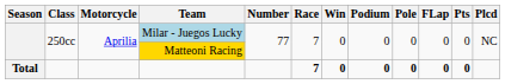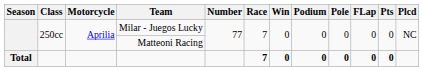 <table class="wikitable">
 <tr>
 <th>Season</th>
 <th>Class</th>
 <th>Motorcycle</th>
 <th>Team</th>
 <th>Number</th>
 <th>Race</th>
 <th>Win</th>
 <th>Podium</th>
 <th>Pole</th>
 <th>FLap</th>
 <th>Pts</th>
 <th>Plcd</th>
 </tr>
 <tr align="right">
 <th rowspan=2></th>
 <td rowspan=2>250cc</td>
 <td rowspan=2><a href='#'>Aprilia</a></td>
-<td style="background: lightblue;">Milar - Juegos Lucky</td>
+<td>Milar - Juegos Lucky</td>
 <td rowspan=2>77</td>
 <td rowspan=2>7</td>
 <td rowspan=2>0</td>
 <td rowspan=2>0</td>
 <td rowspan=2>0</td>
 <td rowspan=2>0</td>
 <td rowspan=2>0</td>
 <td rowspan=2>NC</td>
 </tr>
 <tr align="right">
-<td style="background: gold;">Matteoni Racing</td>
+<td>Matteoni Racing</td>
 </tr>
 <tr align="right">
 <th>Total</th>
 <td></td>
 <td></td>
 <td></td>
 <td></td>
 <td><strong>7</strong></td>
 <td><strong>0</strong></td>
 <td><strong>0</strong></td>
 <td><strong>0</strong></td>
 <td><strong>0</strong></td>
 <td><strong>0</strong></td>
 <td></td>
 </tr>
 </table>
